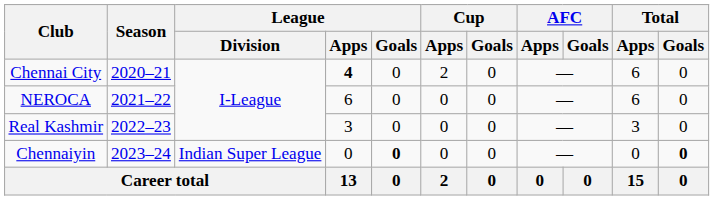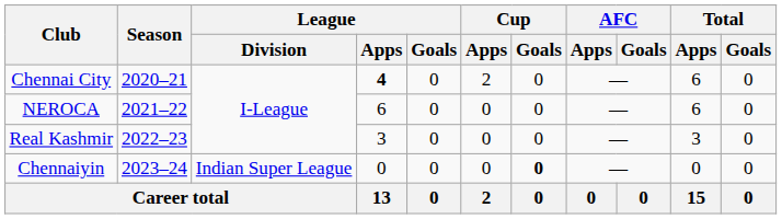 <table class=wikitable style=text-align:center>
 <tr>
 <th rowspan="2">Club</th>
 <th rowspan="2">Season</th>
 <th colspan="3">League</th>
 <th colspan="2">Cup</th>
 <th colspan="2"><a href='#'>AFC</a></th>
 <th colspan="2">Total</th>
 </tr>
 <tr>
 <th>Division</th>
 <th>Apps</th>
 <th>Goals</th>
 <th>Apps</th>
 <th>Goals</th>
 <th>Apps</th>
 <th>Goals</th>
 <th>Apps</th>
 <th>Goals</th>
 </tr>
 <tr>
 <td rowspan="1"><a href='#'>Chennai City</a></td>
 <td><a href='#'>2020–21</a></td>
 <td rowspan="3"><a href='#'>I-League</a></td>
 <td><strong>4</strong></td>
 <td>0</td>
 <td>2</td>
 <td>0</td>
 <td colspan="2">—</td>
 <td>6</td>
 <td>0</td>
 </tr>
 <tr>
 <td rowspan="1"><a href='#'>NEROCA</a></td>
 <td><a href='#'>2021–22</a></td>
 <td>6</td>
 <td>0</td>
 <td>0</td>
 <td>0</td>
 <td colspan="2">—</td>
 <td>6</td>
 <td>0</td>
 </tr>
 <tr>
 <td rowspan="1"><a href='#'>Real Kashmir</a></td>
 <td><a href='#'>2022–23</a></td>
 <td>3</td>
 <td>0</td>
 <td>0</td>
 <td>0</td>
 <td colspan="2">—</td>
 <td>3</td>
 <td>0</td>
 </tr>
 <tr>
 <td rowspan="1"><a href='#'>Chennaiyin</a></td>
 <td><a href='#'>2023–24</a></td>
 <td rowspan="1"><a href='#'>Indian Super League</a></td>
 <td>0</td>
-<td><strong>0</strong></td>
 <td>0</td>
 <td>0</td>
+<td><strong>0</strong></td>
 <td colspan="2">—</td>
 <td>0</td>
-<td><strong>0</strong></td>
+<td>0</td>
 </tr>
 <tr>
 <th colspan="3">Career total</th>
 <th>13</th>
 <th>0</th>
 <th>2</th>
 <th>0</th>
 <th>0</th>
 <th>0</th>
 <th>15</th>
 <th>0</th>
 </tr>
 </table>
